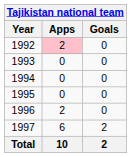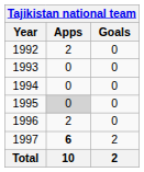 <table class="wikitable" style="text-align:center">
 <tr>
 <th colspan=3><a href='#'>Tajikistan national team</a></th>
 </tr>
 <tr>
 <th>Year</th>
 <th>Apps</th>
 <th>Goals</th>
 </tr>
 <tr>
 <td>1992</td>
-<td style="background: pink;">2</td>
+<td>2</td>
 <td>0</td>
 </tr>
 <tr>
 <td>1993</td>
 <td>0</td>
 <td>0</td>
 </tr>
 <tr>
 <td>1994</td>
 <td>0</td>
 <td>0</td>
 </tr>
 <tr>
 <td>1995</td>
-<td>0</td>
+<td style="background: lightgrey;">0</td>
 <td>0</td>
 </tr>
 <tr>
 <td>1996</td>
 <td>2</td>
 <td>0</td>
 </tr>
 <tr>
 <td>1997</td>
-<td>6</td>
+<td><strong>6</strong></td>
 <td>2</td>
 </tr>
 <tr>
 <th>Total</th>
 <th>10</th>
 <th>2</th>
 </tr>
 </table>
